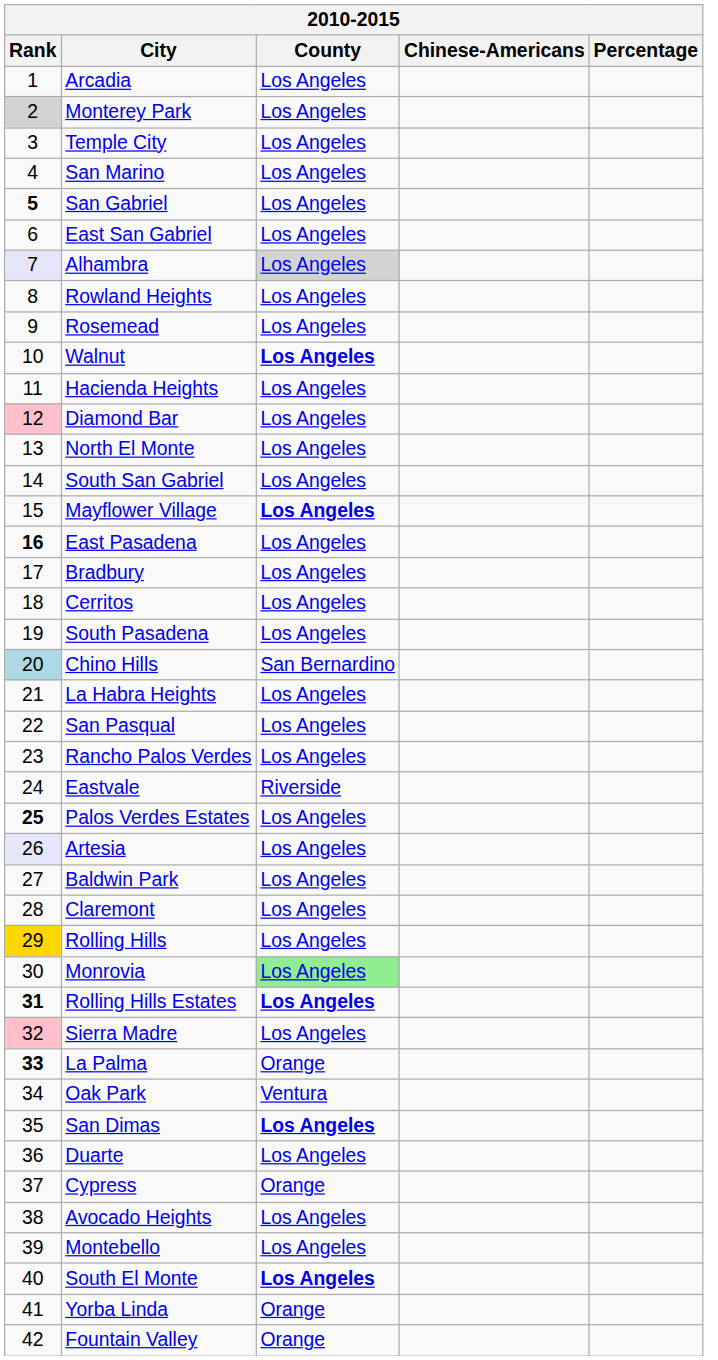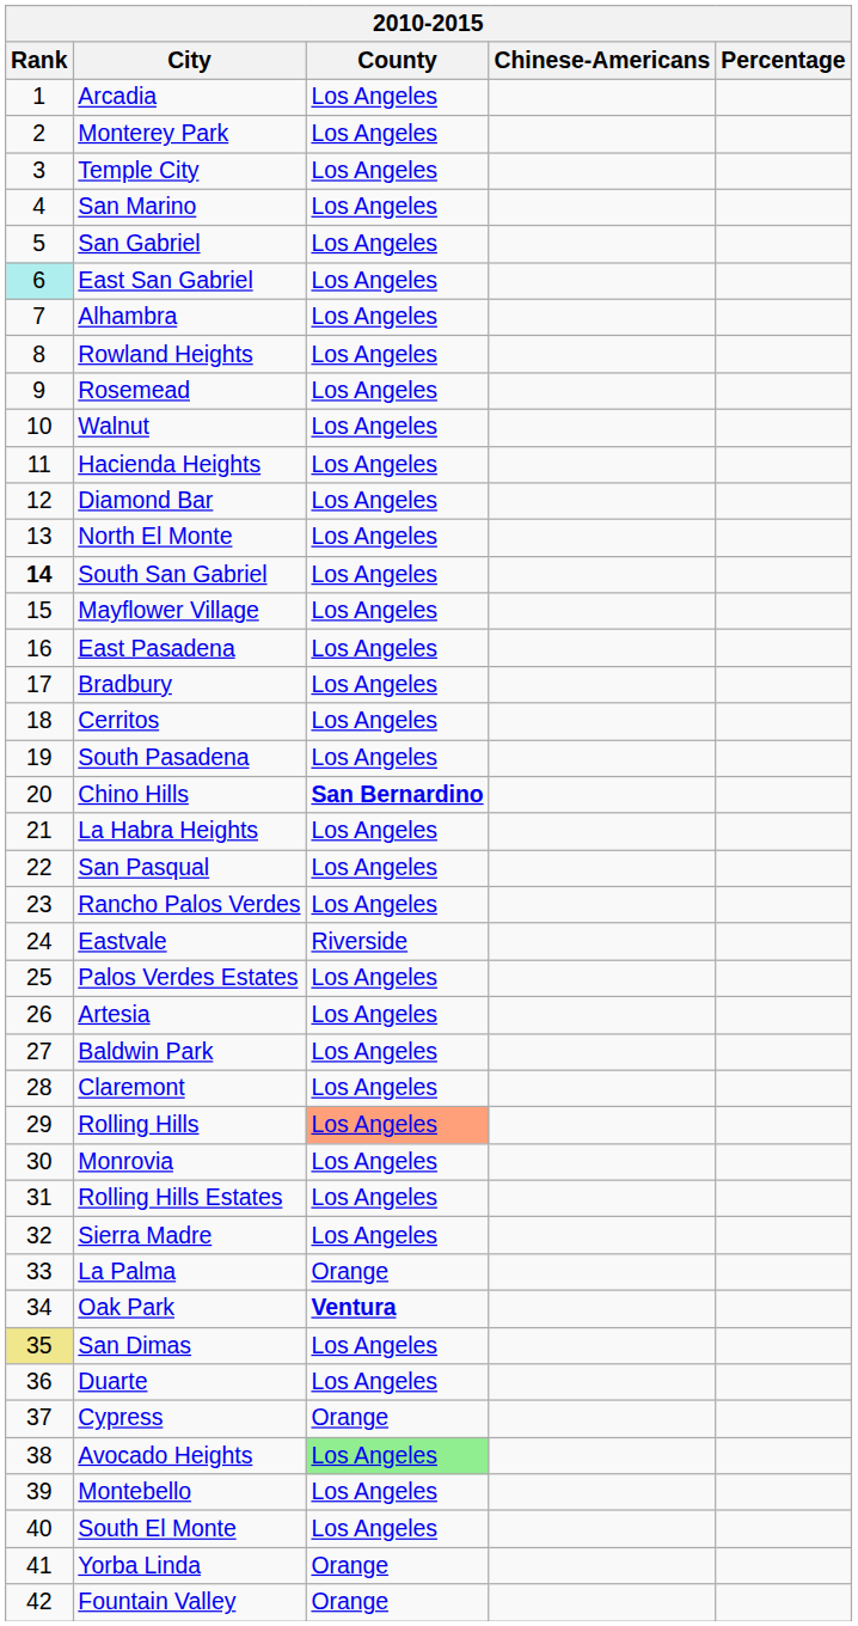 <table class="wikitable sortable collapsible">
 <tr>
 <th colspan="5">2010-2015</th>
 </tr>
 <tr>
 <th>Rank</th>
 <th>City</th>
 <th>County</th>
 <th>Chinese-Americans</th>
 <th>Percentage</th>
 </tr>
 <tr>
 <td align=center>1</td>
 <td><a href='#'>Arcadia</a></td>
 <td><a href='#'>Los Angeles</a></td>
 <td align=right></td>
 <td align=right></td>
 </tr>
 <tr>
-<td align=center style="background: lightgrey;">2</td>
+<td align=center>2</td>
 <td><a href='#'>Monterey Park</a></td>
 <td><a href='#'>Los Angeles</a></td>
 <td align=right></td>
 <td align=right></td>
 </tr>
 <tr>
 <td align=center>3</td>
 <td><a href='#'>Temple City</a></td>
 <td><a href='#'>Los Angeles</a></td>
 <td align=right></td>
 <td align=right></td>
 </tr>
 <tr>
 <td align=center>4</td>
 <td><a href='#'>San Marino</a></td>
 <td><a href='#'>Los Angeles</a></td>
 <td align=right></td>
 <td align=right></td>
 </tr>
 <tr>
-<td align=center><strong>5</strong></td>
+<td align=center>5</td>
 <td><a href='#'>San Gabriel</a></td>
 <td><a href='#'>Los Angeles</a></td>
 <td align=right></td>
 <td align=right></td>
 </tr>
 <tr>
-<td align=center>6</td>
+<td align=center style="background: paleturquoise;">6</td>
 <td><a href='#'>East San Gabriel</a></td>
 <td><a href='#'>Los Angeles</a></td>
 <td align=right></td>
 <td align=right></td>
 </tr>
 <tr>
-<td align=center style="background: lavender;">7</td>
+<td align=center>7</td>
 <td><a href='#'>Alhambra</a></td>
-<td style="background: lightgrey;"><a href='#'>Los Angeles</a></td>
+<td><a href='#'>Los Angeles</a></td>
 <td align=right></td>
 <td align=right></td>
 </tr>
 <tr>
 <td align=center>8</td>
 <td><a href='#'>Rowland Heights</a></td>
 <td><a href='#'>Los Angeles</a></td>
 <td align=right></td>
 <td align=right></td>
 </tr>
 <tr>
 <td align=center>9</td>
 <td><a href='#'>Rosemead</a></td>
 <td><a href='#'>Los Angeles</a></td>
 <td align=right></td>
 <td align=right></td>
 </tr>
 <tr>
 <td align=center>10</td>
 <td><a href='#'>Walnut</a></td>
-<td><strong><a href='#'>Los Angeles</a></strong></td>
+<td><a href='#'>Los Angeles</a></td>
 <td align=right></td>
 <td align=right></td>
 </tr>
 <tr>
 <td align=center>11</td>
 <td><a href='#'>Hacienda Heights</a></td>
 <td><a href='#'>Los Angeles</a></td>
 <td align=right></td>
 <td align=right></td>
 </tr>
 <tr>
-<td align=center style="background: pink;">12</td>
+<td align=center>12</td>
 <td><a href='#'>Diamond Bar</a></td>
 <td><a href='#'>Los Angeles</a></td>
 <td align=right></td>
 <td align=right></td>
 </tr>
 <tr>
 <td align=center>13</td>
 <td><a href='#'>North El Monte</a></td>
 <td><a href='#'>Los Angeles</a></td>
 <td align=right></td>
 <td align=right></td>
 </tr>
 <tr>
-<td align=center>14</td>
+<td align=center><strong>14</strong></td>
 <td><a href='#'>South San Gabriel</a></td>
 <td><a href='#'>Los Angeles</a></td>
 <td align=right></td>
 <td align=right></td>
 </tr>
 <tr>
 <td align=center>15</td>
 <td><a href='#'>Mayflower Village</a></td>
-<td><strong><a href='#'>Los Angeles</a></strong></td>
+<td><a href='#'>Los Angeles</a></td>
 <td align=right></td>
 <td align=right></td>
 </tr>
 <tr>
-<td align=center><strong>16</strong></td>
+<td align=center>16</td>
 <td><a href='#'>East Pasadena</a></td>
 <td><a href='#'>Los Angeles</a></td>
 <td align=right></td>
 <td align=right></td>
 </tr>
 <tr>
 <td align=center>17</td>
 <td><a href='#'>Bradbury</a></td>
 <td><a href='#'>Los Angeles</a></td>
 <td align=right></td>
 <td align=right></td>
 </tr>
 <tr>
 <td align=center>18</td>
 <td><a href='#'>Cerritos</a></td>
 <td><a href='#'>Los Angeles</a></td>
 <td align=right></td>
 <td align=right></td>
 </tr>
 <tr>
 <td align=center>19</td>
 <td><a href='#'>South Pasadena</a></td>
 <td><a href='#'>Los Angeles</a></td>
 <td align=right></td>
 <td align=right></td>
 </tr>
 <tr>
-<td align=center style="background: lightblue;">20</td>
+<td align=center>20</td>
 <td><a href='#'>Chino Hills</a></td>
-<td><a href='#'>San Bernardino</a></td>
+<td><strong><a href='#'>San Bernardino</a></strong></td>
 <td align=right></td>
 <td align=right></td>
 </tr>
 <tr>
 <td align=center>21</td>
 <td><a href='#'>La Habra Heights</a></td>
 <td><a href='#'>Los Angeles</a></td>
 <td align=right></td>
 <td align=right></td>
 </tr>
 <tr>
 <td align=center>22</td>
 <td><a href='#'>San Pasqual</a></td>
 <td><a href='#'>Los Angeles</a></td>
 <td align=right></td>
 <td align=right></td>
 </tr>
 <tr>
 <td align=center>23</td>
 <td><a href='#'>Rancho Palos Verdes</a></td>
 <td><a href='#'>Los Angeles</a></td>
 <td align=right></td>
 <td align=right></td>
 </tr>
 <tr>
 <td align=center>24</td>
 <td><a href='#'>Eastvale</a></td>
 <td><a href='#'>Riverside</a></td>
 <td align=right></td>
 <td align=right></td>
 </tr>
 <tr>
-<td align=center><strong>25</strong></td>
+<td align=center>25</td>
 <td><a href='#'>Palos Verdes Estates</a></td>
 <td><a href='#'>Los Angeles</a></td>
 <td align=right></td>
 <td align=right></td>
 </tr>
 <tr>
-<td align=center style="background: lavender;">26</td>
+<td align=center>26</td>
 <td><a href='#'>Artesia</a></td>
 <td><a href='#'>Los Angeles</a></td>
 <td align=right></td>
 <td align=right></td>
 </tr>
 <tr>
 <td align=center>27</td>
 <td><a href='#'>Baldwin Park</a></td>
 <td><a href='#'>Los Angeles</a></td>
 <td align=right></td>
 <td align=right></td>
 </tr>
 <tr>
 <td align=center>28</td>
 <td><a href='#'>Claremont</a></td>
 <td><a href='#'>Los Angeles</a></td>
 <td align=right></td>
 <td align=right></td>
 </tr>
 <tr>
-<td align=center style="background: gold;">29</td>
+<td align=center>29</td>
 <td><a href='#'>Rolling Hills</a></td>
-<td><a href='#'>Los Angeles</a></td>
+<td style="background: lightsalmon;"><a href='#'>Los Angeles</a></td>
 <td align=right></td>
 <td align=right></td>
 </tr>
 <tr>
 <td align=center>30</td>
 <td><a href='#'>Monrovia</a></td>
-<td style="background: lightgreen;"><a href='#'>Los Angeles</a></td>
+<td><a href='#'>Los Angeles</a></td>
 <td align=right></td>
 <td align=right></td>
 </tr>
 <tr>
-<td align=center><strong>31</strong></td>
+<td align=center>31</td>
 <td><a href='#'>Rolling Hills Estates</a></td>
-<td><strong><a href='#'>Los Angeles</a></strong></td>
+<td><a href='#'>Los Angeles</a></td>
 <td align=right></td>
 <td align=right></td>
 </tr>
 <tr>
-<td align=center style="background: pink;">32</td>
+<td align=center>32</td>
 <td><a href='#'>Sierra Madre</a></td>
 <td><a href='#'>Los Angeles</a></td>
 <td align=right></td>
 <td align=right></td>
 </tr>
 <tr>
-<td align=center><strong>33</strong></td>
+<td align=center>33</td>
 <td><a href='#'>La Palma</a></td>
 <td><a href='#'>Orange</a></td>
 <td align=right></td>
 <td align=right></td>
 </tr>
 <tr>
 <td align=center>34</td>
 <td><a href='#'>Oak Park</a></td>
-<td><a href='#'>Ventura</a></td>
+<td><strong><a href='#'>Ventura</a></strong></td>
 <td align=right></td>
 <td align=right></td>
 </tr>
 <tr>
-<td align=center>35</td>
+<td align=center style="background: khaki;">35</td>
 <td><a href='#'>San Dimas</a></td>
-<td><strong><a href='#'>Los Angeles</a></strong></td>
+<td><a href='#'>Los Angeles</a></td>
 <td align=right></td>
 <td align=right></td>
 </tr>
 <tr>
 <td align=center>36</td>
 <td><a href='#'>Duarte</a></td>
 <td><a href='#'>Los Angeles</a></td>
 <td align=right></td>
 <td align=right></td>
 </tr>
 <tr>
 <td align=center>37</td>
 <td><a href='#'>Cypress</a></td>
 <td><a href='#'>Orange</a></td>
 <td align=right></td>
 <td align=right></td>
 </tr>
 <tr>
 <td align=center>38</td>
 <td><a href='#'>Avocado Heights</a></td>
-<td><a href='#'>Los Angeles</a></td>
+<td style="background: lightgreen;"><a href='#'>Los Angeles</a></td>
 <td align=right></td>
 <td align=right></td>
 </tr>
 <tr>
 <td align=center>39</td>
 <td><a href='#'>Montebello</a></td>
 <td><a href='#'>Los Angeles</a></td>
 <td align=right></td>
 <td align=right></td>
 </tr>
 <tr>
 <td align=center>40</td>
 <td><a href='#'>South El Monte</a></td>
-<td><strong><a href='#'>Los Angeles</a></strong></td>
+<td><a href='#'>Los Angeles</a></td>
 <td align=right></td>
 <td align=right></td>
 </tr>
 <tr>
 <td align=center>41</td>
 <td><a href='#'>Yorba Linda</a></td>
 <td><a href='#'>Orange</a></td>
 <td align=right></td>
 <td align=right></td>
 </tr>
 <tr>
 <td align=center>42</td>
 <td><a href='#'>Fountain Valley</a></td>
 <td><a href='#'>Orange</a></td>
 <td align=right></td>
 <td align=right></td>
 </tr>
 </table>
